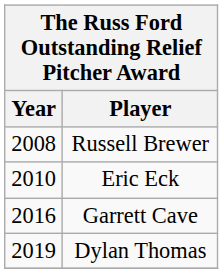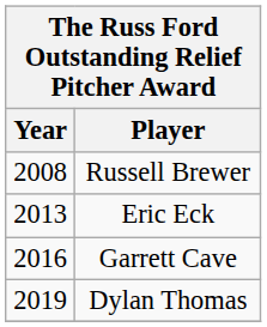 <table class="wikitable" style="display: inline-table; margin-right: 20px; text-align:center">
 <tr>
 <th scope="col" colspan="2" style="width: 145px;">The Russ Ford Outstanding Relief Pitcher Award</th>
 </tr>
 <tr>
 <th scope="col">Year</th>
 <th scope="col">Player</th>
 </tr>
 <tr>
 <td>2008</td>
 <td>Russell Brewer</td>
 </tr>
 <tr>
-<td>2010</td>
+<td>2013</td>
 <td>Eric Eck</td>
 </tr>
 <tr>
 <td>2016</td>
 <td>Garrett Cave</td>
 </tr>
 <tr>
 <td>2019</td>
 <td>Dylan Thomas</td>
 </tr>
 <tr>
 </tr>
 </table>
